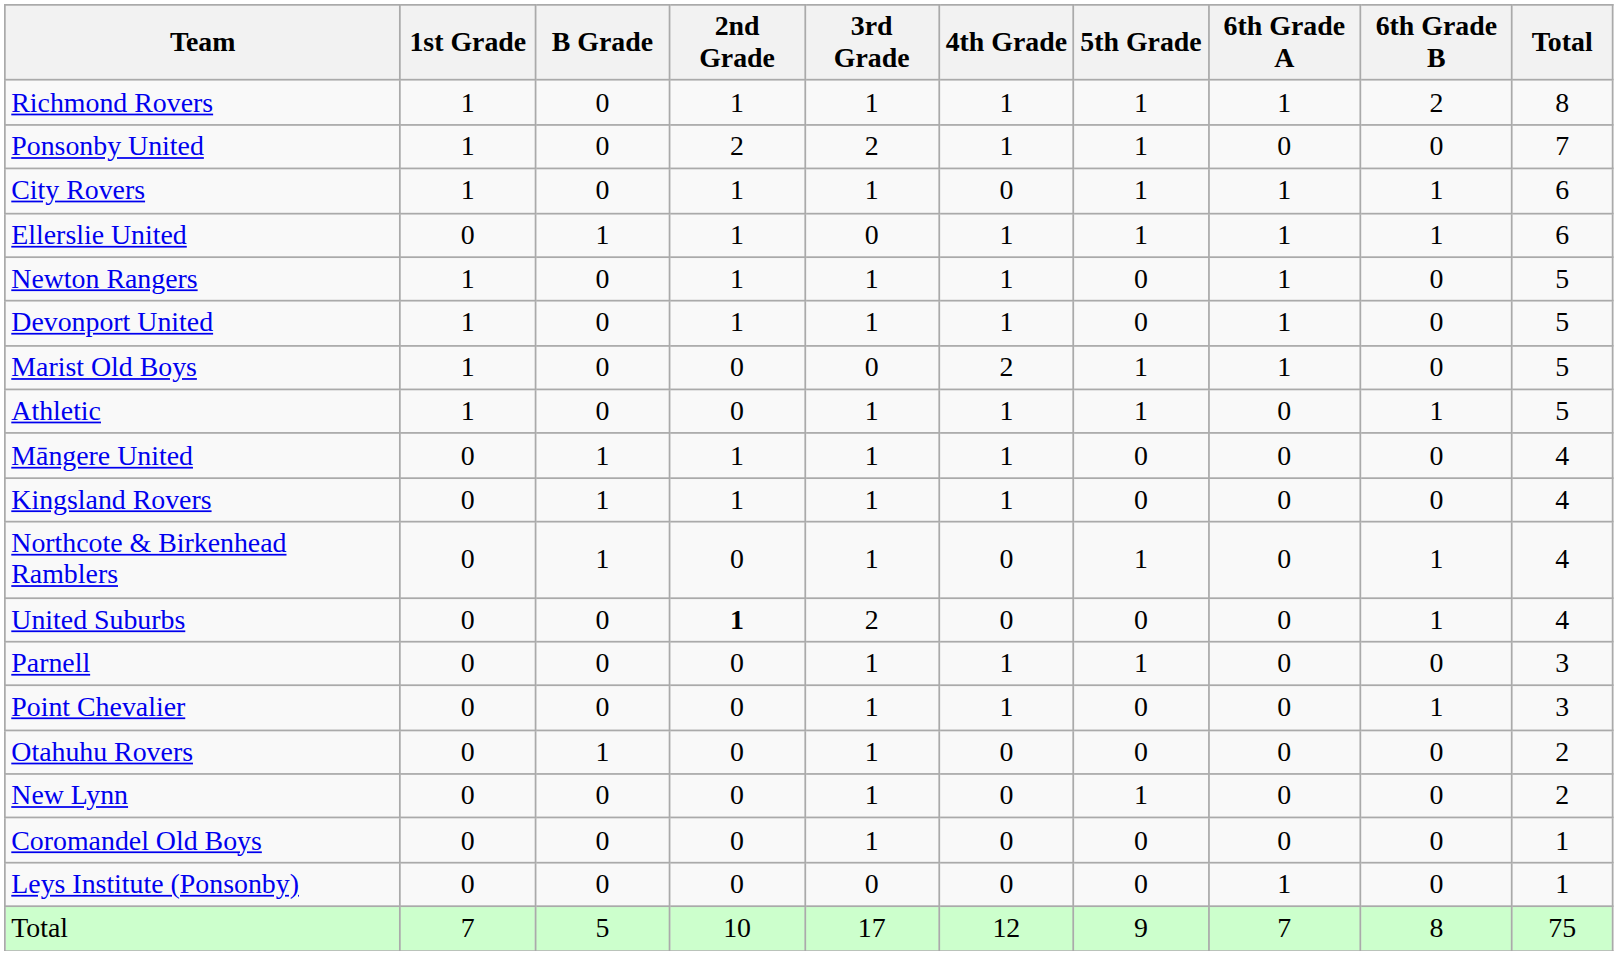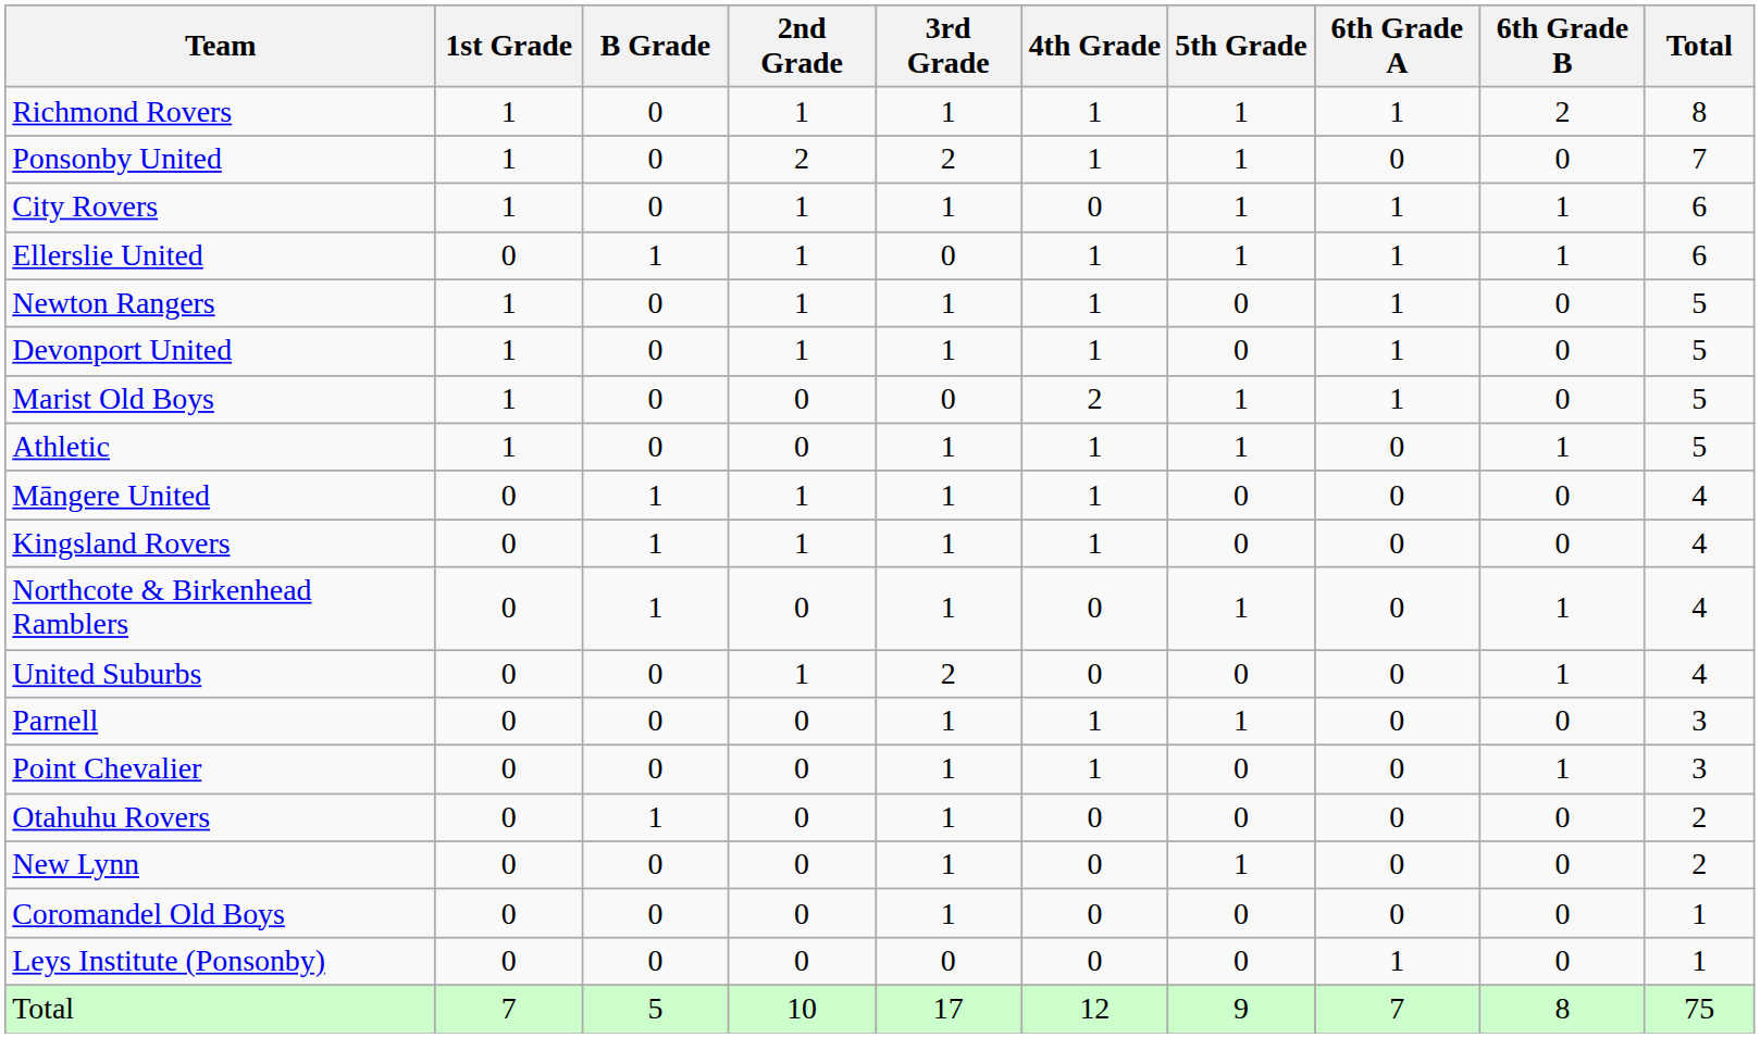 <table class="wikitable" style="text-align:center;">
 <tr>
 <th width=220>Team</th>
 <th width=70 abbr="1st Grade">1st Grade</th>
 <th width=70 abbr="B Grade">B Grade</th>
 <th width=70 abbr="2nd Grade">2nd Grade</th>
 <th width=70 abbr="3rd Grade">3rd Grade</th>
 <th width=70 abbr="4th Grade">4th Grade</th>
 <th width=70 abbr="5th Grade">5th Grade</th>
 <th width=80 abbr="6th Grade">6th Grade A</th>
 <th width=80 abbr="6th Grade">6th Grade B</th>
 <th width=50 abbr="Total">Total</th>
 </tr>
 <tr>
 <td style="text-align:left;"><a href='#'>Richmond Rovers</a></td>
 <td>1</td>
 <td>0</td>
 <td>1</td>
 <td>1</td>
 <td>1</td>
 <td>1</td>
 <td>1</td>
 <td>2</td>
 <td>8</td>
 </tr>
 <tr>
 <td style="text-align:left;"><a href='#'>Ponsonby United</a></td>
 <td>1</td>
 <td>0</td>
 <td>2</td>
 <td>2</td>
 <td>1</td>
 <td>1</td>
 <td>0</td>
 <td>0</td>
 <td>7</td>
 </tr>
 <tr>
 <td style="text-align:left;"><a href='#'>City Rovers</a></td>
 <td>1</td>
 <td>0</td>
 <td>1</td>
 <td>1</td>
 <td>0</td>
 <td>1</td>
 <td>1</td>
 <td>1</td>
 <td>6</td>
 </tr>
 <tr>
 <td style="text-align:left;"><a href='#'>Ellerslie United</a></td>
 <td>0</td>
 <td>1</td>
 <td>1</td>
 <td>0</td>
 <td>1</td>
 <td>1</td>
 <td>1</td>
 <td>1</td>
 <td>6</td>
 </tr>
 <tr>
 <td style="text-align:left;"><a href='#'>Newton Rangers</a></td>
 <td>1</td>
 <td>0</td>
 <td>1</td>
 <td>1</td>
 <td>1</td>
 <td>0</td>
 <td>1</td>
 <td>0</td>
 <td>5</td>
 </tr>
 <tr>
 <td style="text-align:left;"><a href='#'>Devonport United</a></td>
 <td>1</td>
 <td>0</td>
 <td>1</td>
 <td>1</td>
 <td>1</td>
 <td>0</td>
 <td>1</td>
 <td>0</td>
 <td>5</td>
 </tr>
 <tr>
 <td style="text-align:left;"><a href='#'>Marist Old Boys</a></td>
 <td>1</td>
 <td>0</td>
 <td>0</td>
 <td>0</td>
 <td>2</td>
 <td>1</td>
 <td>1</td>
 <td>0</td>
 <td>5</td>
 </tr>
 <tr>
 <td style="text-align:left;"><a href='#'>Athletic</a></td>
 <td>1</td>
 <td>0</td>
 <td>0</td>
 <td>1</td>
 <td>1</td>
 <td>1</td>
 <td>0</td>
 <td>1</td>
 <td>5</td>
 </tr>
 <tr>
 <td style="text-align:left;"><a href='#'>Māngere United</a></td>
 <td>0</td>
 <td>1</td>
 <td>1</td>
 <td>1</td>
 <td>1</td>
 <td>0</td>
 <td>0</td>
 <td>0</td>
 <td>4</td>
 </tr>
 <tr>
 <td style="text-align:left;"><a href='#'>Kingsland Rovers</a></td>
 <td>0</td>
 <td>1</td>
 <td>1</td>
 <td>1</td>
 <td>1</td>
 <td>0</td>
 <td>0</td>
 <td>0</td>
 <td>4</td>
 </tr>
 <tr>
 <td style="text-align:left;"><a href='#'>Northcote & Birkenhead Ramblers</a></td>
 <td>0</td>
 <td>1</td>
 <td>0</td>
 <td>1</td>
 <td>0</td>
 <td>1</td>
 <td>0</td>
 <td>1</td>
 <td>4</td>
 </tr>
 <tr>
 <td style="text-align:left;"><a href='#'>United Suburbs</a></td>
 <td>0</td>
 <td>0</td>
-<td><strong>1</strong></td>
+<td>1</td>
 <td>2</td>
 <td>0</td>
 <td>0</td>
 <td>0</td>
 <td>1</td>
 <td>4</td>
 </tr>
 <tr>
 <td style="text-align:left;"><a href='#'>Parnell</a></td>
 <td>0</td>
 <td>0</td>
 <td>0</td>
 <td>1</td>
 <td>1</td>
 <td>1</td>
 <td>0</td>
 <td>0</td>
 <td>3</td>
 </tr>
 <tr>
 <td style="text-align:left;"><a href='#'>Point Chevalier</a></td>
 <td>0</td>
 <td>0</td>
 <td>0</td>
 <td>1</td>
 <td>1</td>
 <td>0</td>
 <td>0</td>
 <td>1</td>
 <td>3</td>
 </tr>
 <tr>
 <td style="text-align:left;"><a href='#'>Otahuhu Rovers</a></td>
 <td>0</td>
 <td>1</td>
 <td>0</td>
 <td>1</td>
 <td>0</td>
 <td>0</td>
 <td>0</td>
 <td>0</td>
 <td>2</td>
 </tr>
 <tr>
 <td style="text-align:left;"><a href='#'>New Lynn</a></td>
 <td>0</td>
 <td>0</td>
 <td>0</td>
 <td>1</td>
 <td>0</td>
 <td>1</td>
 <td>0</td>
 <td>0</td>
 <td>2</td>
 </tr>
 <tr>
 <td style="text-align:left;"><a href='#'>Coromandel Old Boys</a></td>
 <td>0</td>
 <td>0</td>
 <td>0</td>
 <td>1</td>
 <td>0</td>
 <td>0</td>
 <td>0</td>
 <td>0</td>
 <td>1</td>
 </tr>
 <tr>
 <td style="text-align:left;"><a href='#'>Leys Institute (Ponsonby)</a></td>
 <td>0</td>
 <td>0</td>
 <td>0</td>
 <td>0</td>
 <td>0</td>
 <td>0</td>
 <td>1</td>
 <td>0</td>
 <td>1</td>
 </tr>
 <tr style="background: #ccffcc;">
 <td style="text-align:left;">Total</td>
 <td>7</td>
 <td>5</td>
 <td>10</td>
 <td>17</td>
 <td>12</td>
 <td>9</td>
 <td>7</td>
 <td>8</td>
 <td>75</td>
 </tr>
 <tr>
 </tr>
 </table>
